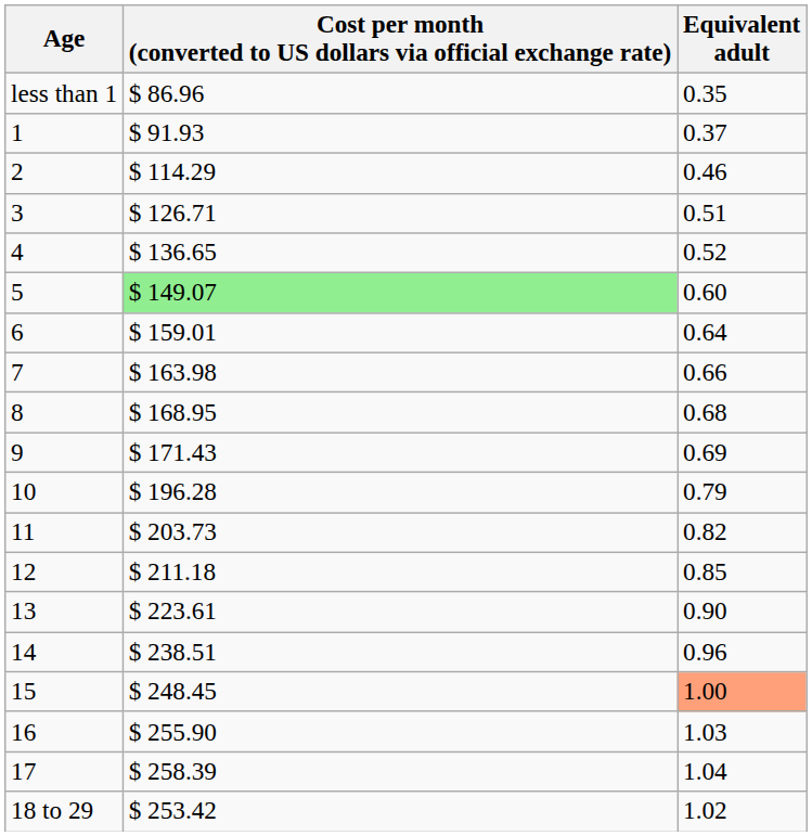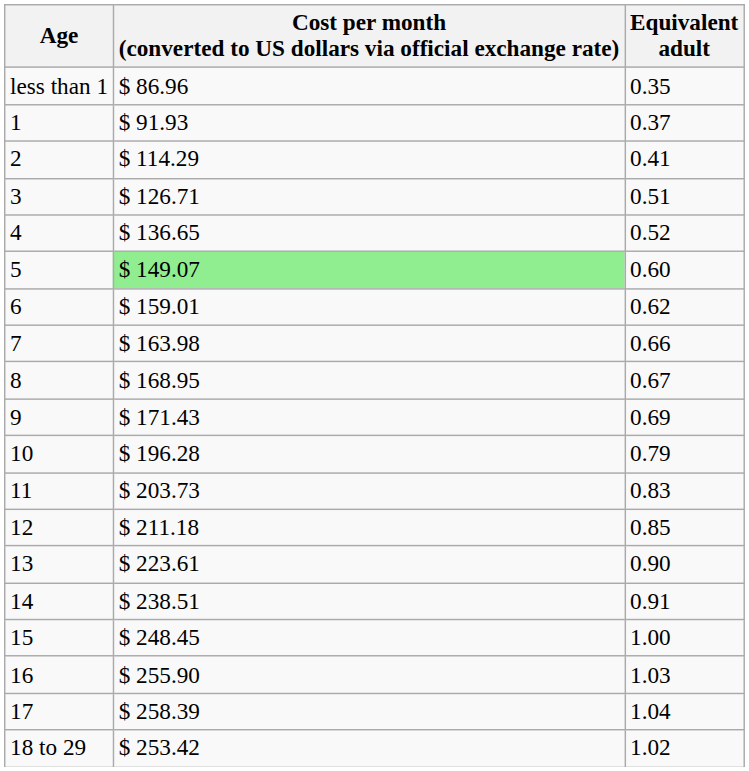 <table class="wikitable sortable">
 <tr>
 <th>Age</th>
 <th>Cost per month<br>(converted to US dollars via official exchange rate)</th>
 <th>Equivalent<br>adult</th>
 </tr>
 <tr>
 <td>less than 1</td>
 <td>$ 86.96</td>
 <td>0.35</td>
 </tr>
 <tr>
 <td>1</td>
 <td>$ 91.93</td>
 <td>0.37</td>
 </tr>
 <tr>
 <td>2</td>
 <td>$ 114.29</td>
-<td>0.46</td>
+<td>0.41</td>
 </tr>
 <tr>
 <td>3</td>
 <td>$ 126.71</td>
 <td>0.51</td>
 </tr>
 <tr>
 <td>4</td>
 <td>$ 136.65</td>
 <td>0.52</td>
 </tr>
 <tr>
 <td>5</td>
 <td style="background: lightgreen;">$ 149.07</td>
 <td>0.60</td>
 </tr>
 <tr>
 <td>6</td>
 <td>$ 159.01</td>
-<td>0.64</td>
+<td>0.62</td>
 </tr>
 <tr>
 <td>7</td>
 <td>$ 163.98</td>
 <td>0.66</td>
 </tr>
 <tr>
 <td>8</td>
 <td>$ 168.95</td>
-<td>0.68</td>
+<td>0.67</td>
 </tr>
 <tr>
 <td>9</td>
 <td>$ 171.43</td>
 <td>0.69</td>
 </tr>
 <tr>
 <td>10</td>
 <td>$ 196.28</td>
 <td>0.79</td>
 </tr>
 <tr>
 <td>11</td>
 <td>$ 203.73</td>
-<td>0.82</td>
+<td>0.83</td>
 </tr>
 <tr>
 <td>12</td>
 <td>$ 211.18</td>
 <td>0.85</td>
 </tr>
 <tr>
 <td>13</td>
 <td>$ 223.61</td>
 <td>0.90</td>
 </tr>
 <tr>
 <td>14</td>
 <td>$ 238.51</td>
-<td>0.96</td>
+<td>0.91</td>
 </tr>
 <tr>
 <td>15</td>
 <td>$ 248.45</td>
-<td style="background: lightsalmon;">1.00</td>
+<td>1.00</td>
 </tr>
 <tr>
 <td>16</td>
 <td>$ 255.90</td>
 <td>1.03</td>
 </tr>
 <tr>
 <td>17</td>
 <td>$ 258.39</td>
 <td>1.04</td>
 </tr>
 <tr>
 <td>18 to 29</td>
 <td>$ 253.42</td>
 <td>1.02</td>
 </tr>
 </table>
